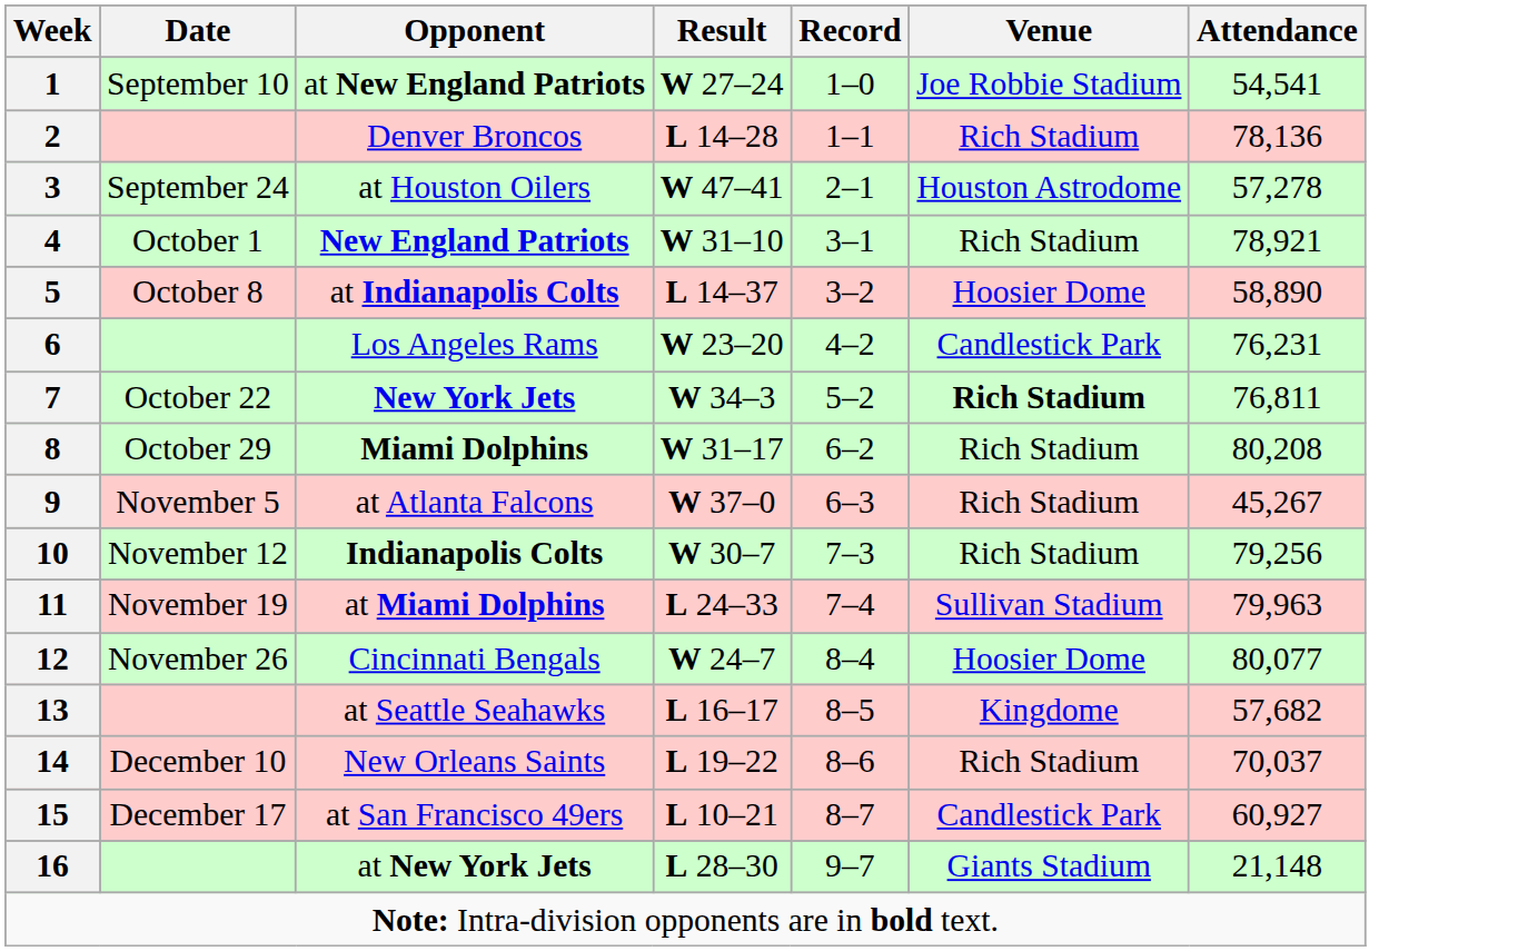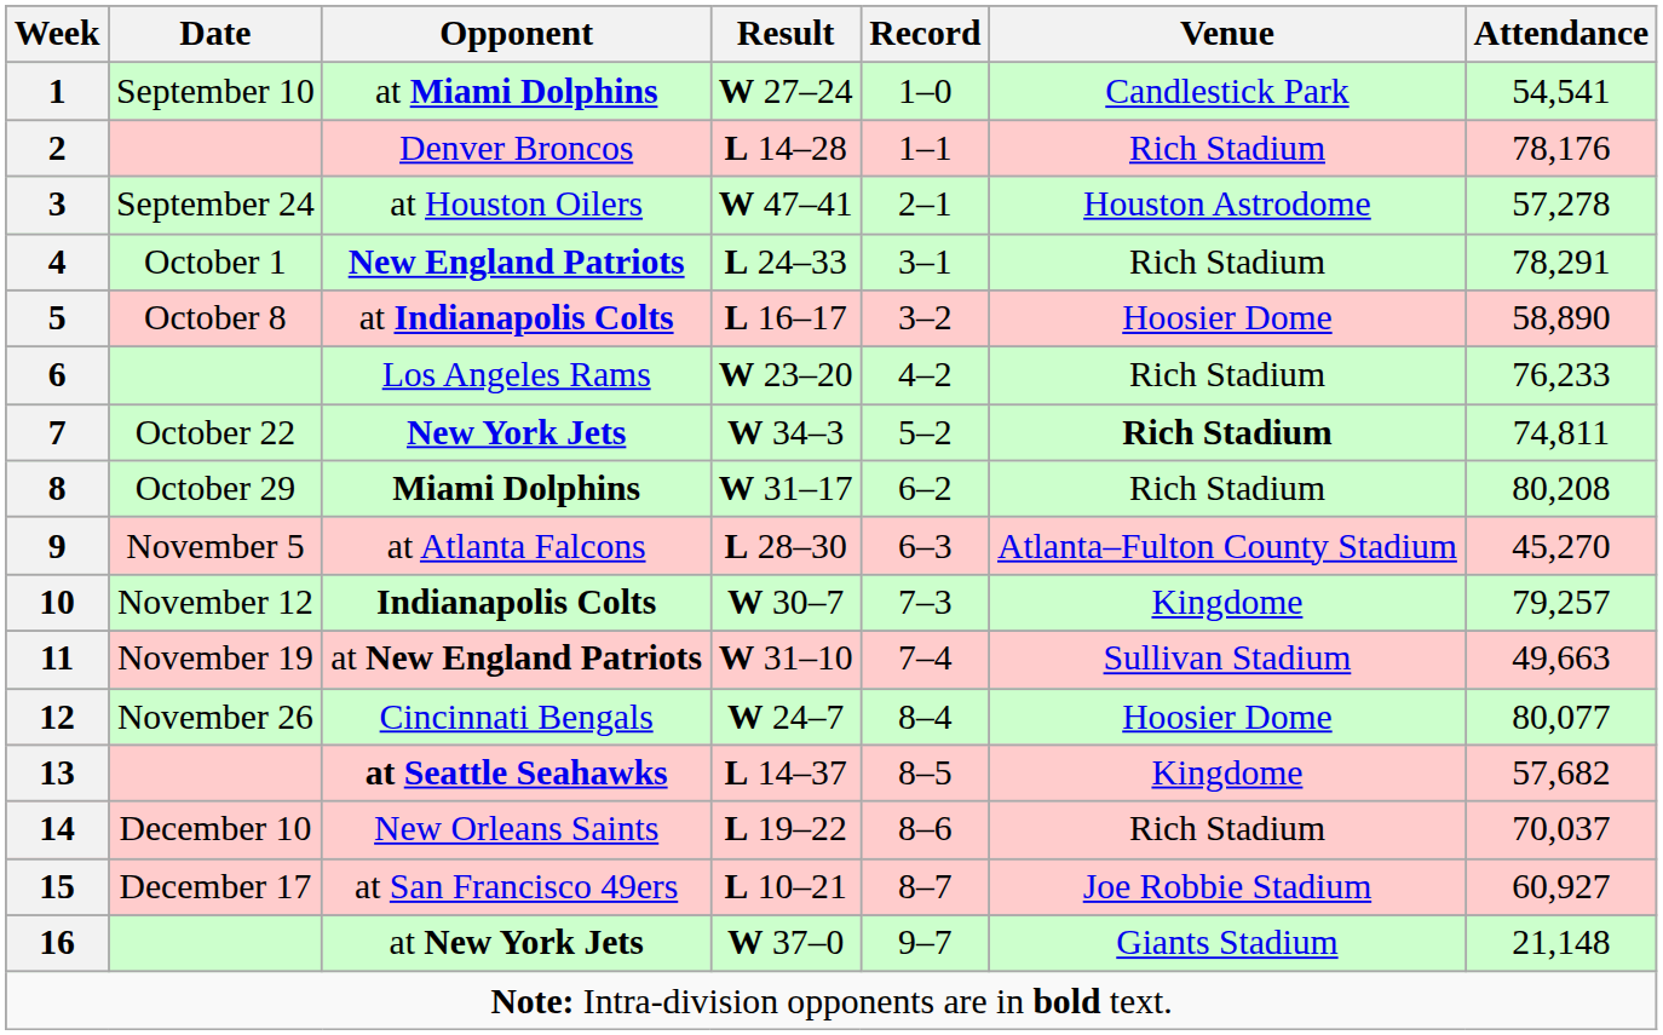 <table class="wikitable" style="text-align:center">
 <tr>
 <th>Week</th>
 <th>Date</th>
 <th>Opponent</th>
 <th>Result</th>
 <th>Record</th>
 <th>Venue</th>
 <th>Attendance</th>
 </tr>
 <tr style="background:#cfc">
 <th>1</th>
 <td>September 10</td>
-<td>at <strong>New England Patriots</strong></td>
+<td>at <strong><a href='#'>Miami Dolphins</a></strong></td>
 <td><strong>W</strong> 27–24</td>
 <td>1–0</td>
-<td><a href='#'>Joe Robbie Stadium</a></td>
+<td><a href='#'>Candlestick Park</a></td>
 <td>54,541</td>
 </tr>
 <tr style="background:#fcc">
 <th>2</th>
 <td></td>
 <td><a href='#'>Denver Broncos</a></td>
 <td><strong>L</strong> 14–28</td>
 <td>1–1</td>
 <td><a href='#'>Rich Stadium</a></td>
-<td>78,136</td>
+<td>78,176</td>
 </tr>
 <tr style="background:#cfc">
 <th>3</th>
 <td>September 24</td>
 <td>at <a href='#'>Houston Oilers</a></td>
 <td><strong>W</strong> 47–41 </td>
 <td>2–1</td>
 <td><a href='#'>Houston Astrodome</a></td>
 <td>57,278</td>
 </tr>
 <tr style="background:#cfc">
 <th>4</th>
 <td>October 1</td>
 <td><strong><a href='#'>New England Patriots</a></strong></td>
-<td><strong>W</strong> 31–10</td>
+<td><strong>L</strong> 24–33</td>
 <td>3–1</td>
 <td>Rich Stadium</td>
-<td>78,921</td>
+<td>78,291</td>
 </tr>
 <tr style="background:#fcc">
 <th>5</th>
 <td>October 8</td>
 <td>at <strong><a href='#'>Indianapolis Colts</a></strong></td>
-<td><strong>L</strong> 14–37</td>
+<td><strong>L</strong> 16–17</td>
 <td>3–2</td>
 <td><a href='#'>Hoosier Dome</a></td>
 <td>58,890</td>
 </tr>
 <tr style="background:#cfc">
 <th>6</th>
 <td></td>
 <td><a href='#'>Los Angeles Rams</a></td>
 <td><strong>W</strong> 23–20</td>
 <td>4–2</td>
-<td><a href='#'>Candlestick Park</a></td>
-<td>76,231</td>
+<td>Rich Stadium</td>
+<td>76,233</td>
 </tr>
 <tr style="background:#cfc">
 <th>7</th>
 <td>October 22</td>
 <td><strong><a href='#'>New York Jets</a></strong></td>
 <td><strong>W</strong> 34–3</td>
 <td>5–2</td>
 <td><strong>Rich Stadium</strong></td>
-<td>76,811</td>
+<td>74,811</td>
 </tr>
 <tr style="background:#cfc">
 <th>8</th>
 <td>October 29</td>
 <td><strong>Miami Dolphins</strong></td>
 <td><strong>W</strong> 31–17</td>
 <td>6–2</td>
 <td>Rich Stadium</td>
 <td>80,208</td>
 </tr>
 <tr style="background:#fcc">
 <th>9</th>
 <td>November 5</td>
 <td>at <a href='#'>Atlanta Falcons</a></td>
-<td><strong>W</strong> 37–0</td>
+<td><strong>L</strong> 28–30</td>
 <td>6–3</td>
-<td>Rich Stadium</td>
-<td>45,267</td>
+<td><a href='#'>Atlanta–Fulton County Stadium</a></td>
+<td>45,270</td>
 </tr>
 <tr style="background:#cfc">
 <th>10</th>
 <td>November 12</td>
 <td><strong>Indianapolis Colts</strong></td>
 <td><strong>W</strong> 30–7</td>
 <td>7–3</td>
-<td>Rich Stadium</td>
-<td>79,256</td>
+<td><a href='#'>Kingdome</a></td>
+<td>79,257</td>
 </tr>
 <tr style="background:#fcc">
 <th>11</th>
 <td>November 19</td>
-<td>at <strong><a href='#'>Miami Dolphins</a></strong></td>
-<td><strong>L</strong> 24–33</td>
+<td>at <strong>New England Patriots</strong></td>
+<td><strong>W</strong> 31–10</td>
 <td>7–4</td>
 <td><a href='#'>Sullivan Stadium</a></td>
-<td>79,963</td>
+<td>49,663</td>
 </tr>
 <tr style="background:#cfc">
 <th>12</th>
 <td>November 26</td>
 <td><a href='#'>Cincinnati Bengals</a></td>
 <td><strong>W</strong> 24–7</td>
 <td>8–4</td>
 <td><a href='#'>Hoosier Dome</a></td>
 <td>80,077</td>
 </tr>
 <tr style="background:#fcc">
 <th>13</th>
 <td></td>
-<td>at <a href='#'>Seattle Seahawks</a></td>
-<td><strong>L</strong> 16–17</td>
+<td><strong>at <a href='#'>Seattle Seahawks</a></strong></td>
+<td><strong>L</strong> 14–37</td>
 <td>8–5</td>
 <td><a href='#'>Kingdome</a></td>
 <td>57,682</td>
 </tr>
 <tr style="background:#fcc">
 <th>14</th>
 <td>December 10</td>
 <td><a href='#'>New Orleans Saints</a></td>
 <td><strong>L</strong> 19–22</td>
 <td>8–6</td>
 <td>Rich Stadium</td>
 <td>70,037</td>
 </tr>
 <tr style="background:#fcc">
 <th>15</th>
 <td>December 17</td>
 <td>at <a href='#'>San Francisco 49ers</a></td>
 <td><strong>L</strong> 10–21</td>
 <td>8–7</td>
-<td><a href='#'>Candlestick Park</a></td>
+<td><a href='#'>Joe Robbie Stadium</a></td>
 <td>60,927</td>
 </tr>
 <tr style="background:#cfc">
 <th>16</th>
 <td></td>
 <td>at <strong>New York Jets</strong></td>
-<td><strong>L</strong> 28–30</td>
+<td><strong>W</strong> 37–0</td>
 <td>9–7</td>
 <td><a href='#'>Giants Stadium</a></td>
 <td>21,148</td>
 </tr>
 <tr>
 <td colspan="8"><strong>Note:</strong> Intra-division opponents are in <strong>bold</strong> text.</td>
 </tr>
 </table>
